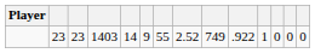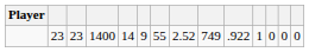 <table class="wikitable sortable" style="text-align:center;">
 <tr>
 <th>Player</th>
 <th></th>
 <th></th>
 <th></th>
 <th></th>
 <th></th>
 <th></th>
 <th></th>
 <th></th>
 <th></th>
 <th></th>
 <th></th>
 <th></th>
 <th></th>
 </tr>
 <tr>
 <td></td>
 <td>23</td>
 <td>23</td>
-<td>1403</td>
+<td>1400</td>
 <td>14</td>
 <td>9</td>
 <td>55</td>
 <td>2.52</td>
 <td>749</td>
 <td>.922</td>
 <td>1</td>
 <td>0</td>
 <td>0</td>
 <td>0</td>
 </tr>
 </table>
